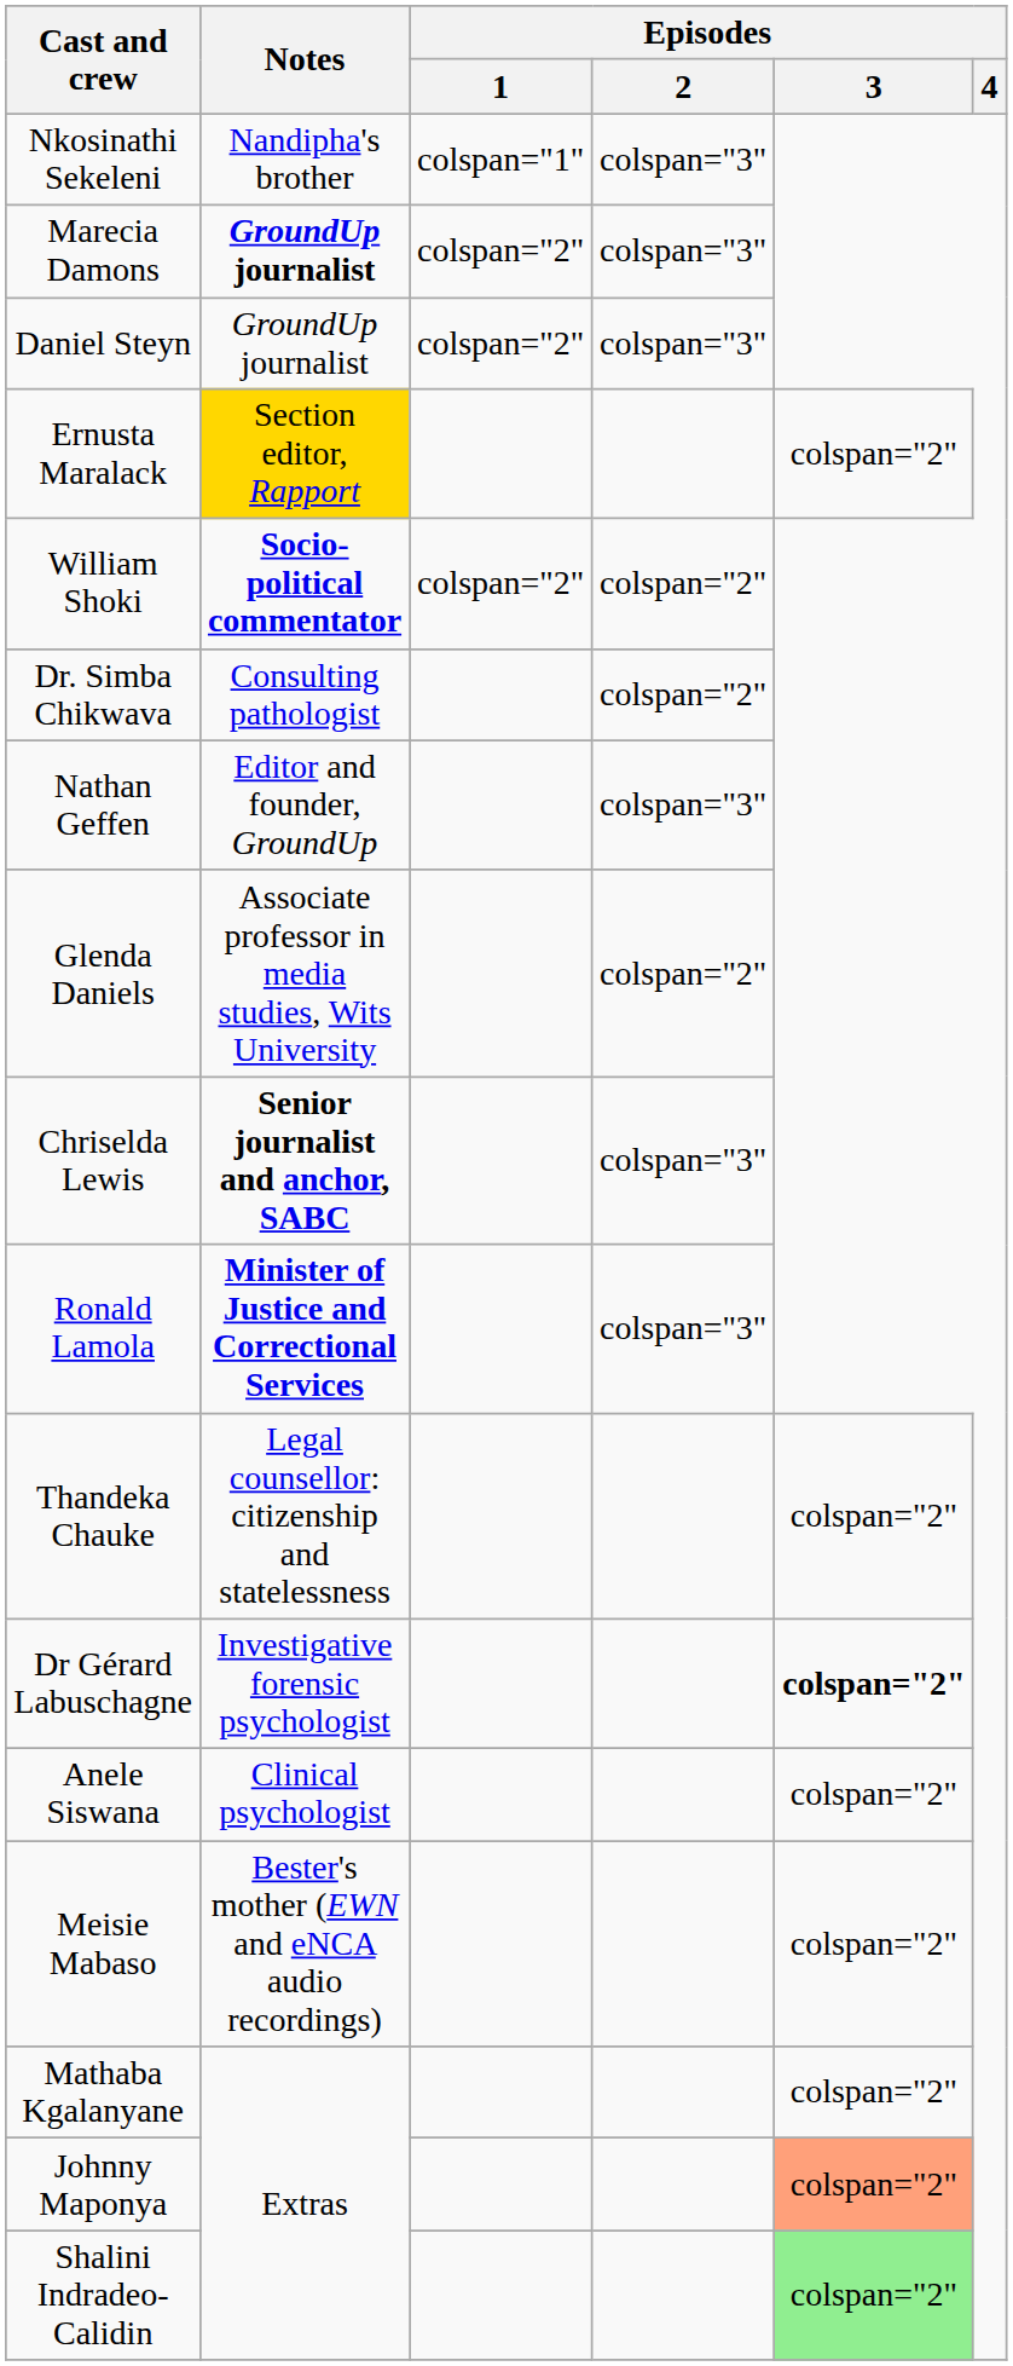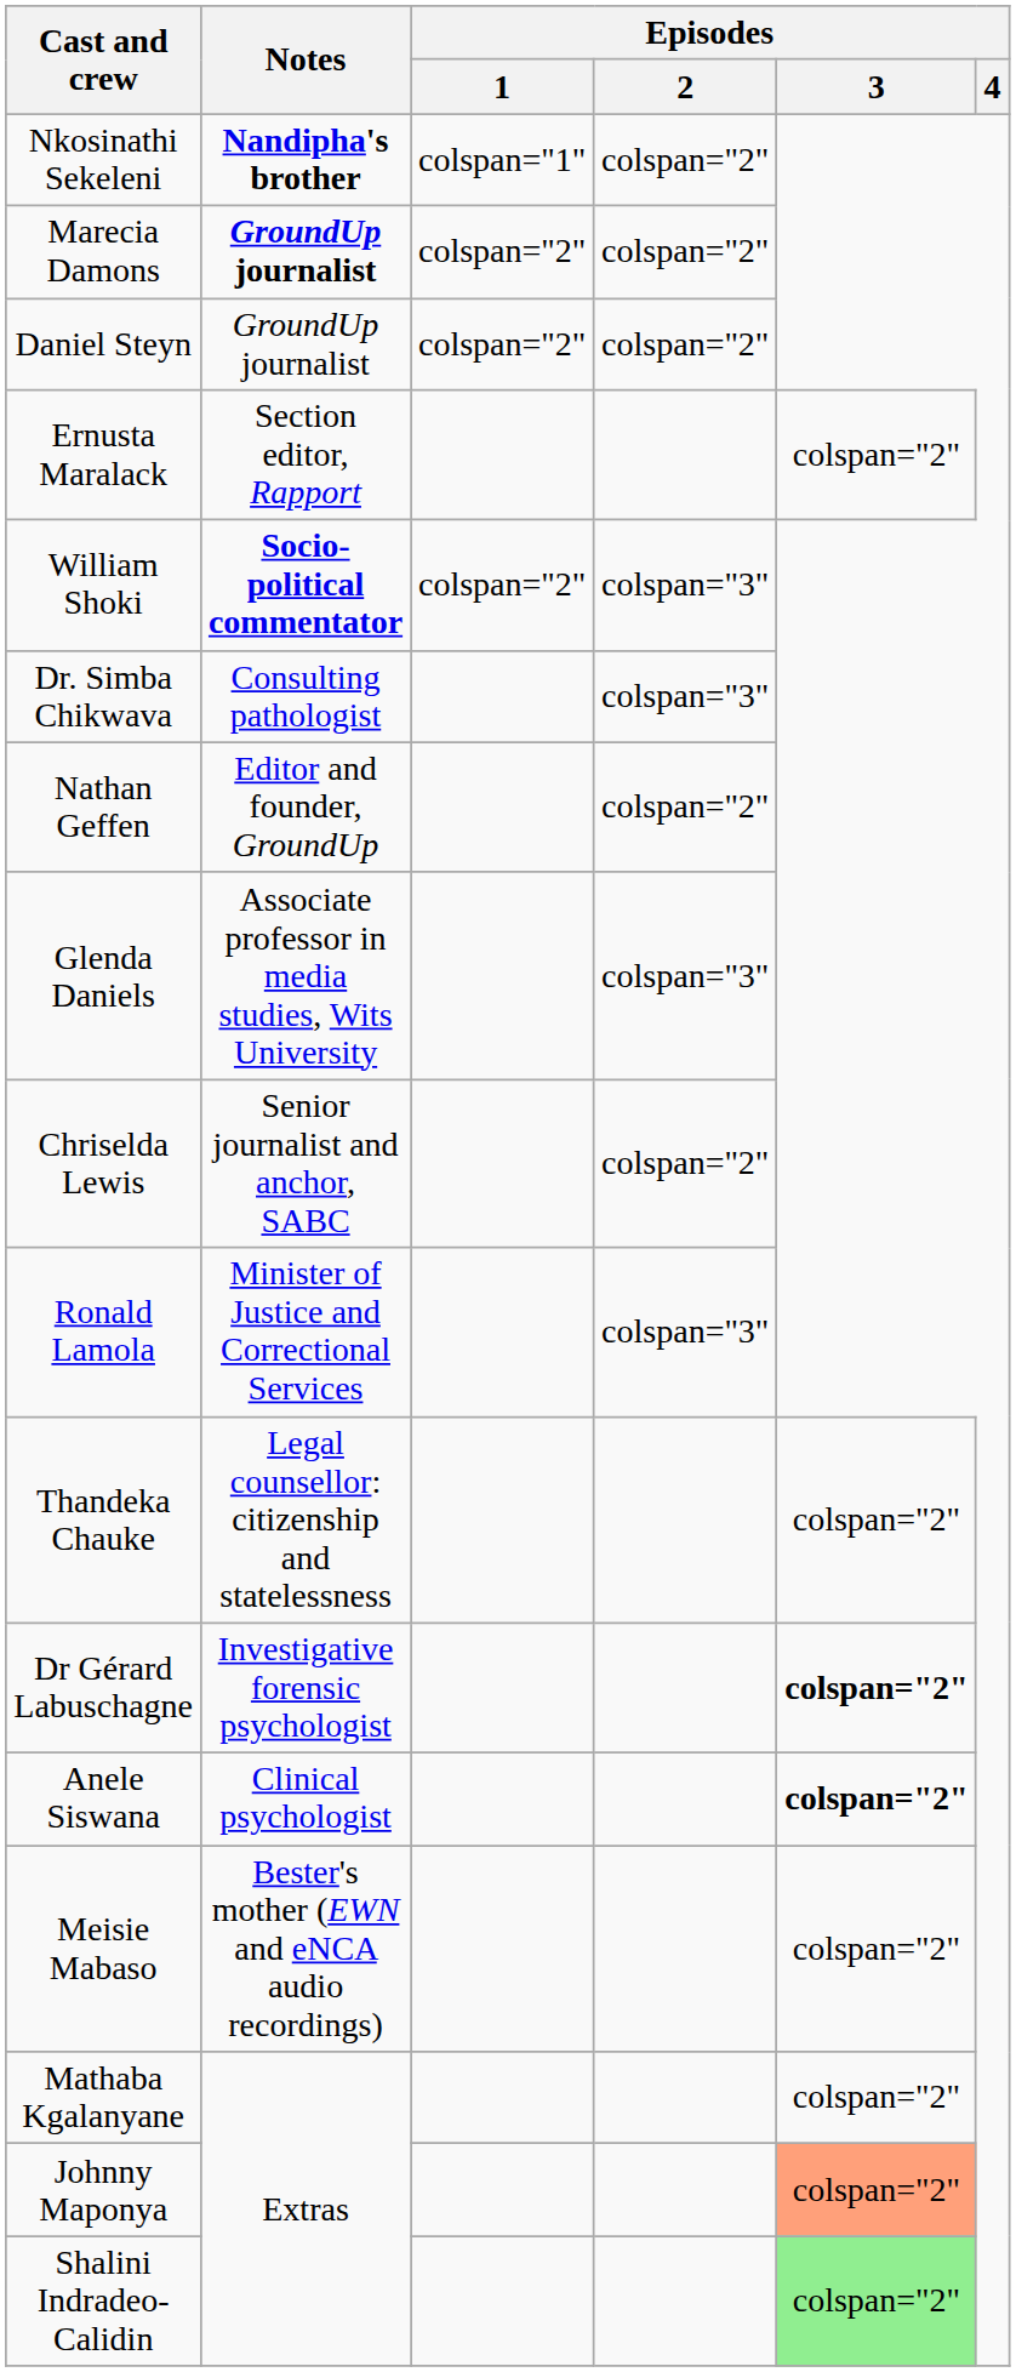 <table class="wikitable plainrowheaders" style="text-align:center; font-size:100%; width:70%">
 <tr>
 <th style="width:15%;" rowspan="2">Cast and crew</th>
 <th style="width:20%;" rowspan="2">Notes</th>
 <th colspan="4">Episodes</th>
 </tr>
 <tr>
 <th style="width:10%;">1</th>
 <th style="width:10%;">2</th>
 <th style="width:10%;">3</th>
 <th style="width:10%;">4</th>
 </tr>
 <tr>
 <td>Nkosinathi Sekeleni</td>
-<td><a href='#'>Nandipha</a>'s brother</td>
+<td><strong><a href='#'>Nandipha</a>'s brother</strong></td>
 <td>colspan="1" </td>
-<td>colspan="3" </td>
+<td>colspan="2" </td>
 </tr>
 <tr>
 <td>Marecia Damons</td>
 <td><strong><em><a href='#'>GroundUp</a></em> journalist</strong></td>
 <td>colspan="2" </td>
-<td>colspan="3" </td>
+<td>colspan="2" </td>
 </tr>
 <tr>
 <td>Daniel Steyn</td>
 <td><em>GroundUp</em> journalist</td>
 <td>colspan="2" </td>
-<td>colspan="3" </td>
+<td>colspan="2" </td>
 </tr>
 <tr>
 <td>Ernusta Maralack</td>
-<td style="background: gold;">Section editor, <em><a href='#'>Rapport</a></em></td>
+<td>Section editor, <em><a href='#'>Rapport</a></em></td>
 <td></td>
 <td></td>
 <td>colspan="2" </td>
 </tr>
 <tr>
 <td>William Shoki</td>
 <td><strong><a href='#'>Socio-political commentator</a></strong></td>
 <td>colspan="2" </td>
-<td>colspan="2" </td>
+<td>colspan="3" </td>
 </tr>
 <tr>
 <td>Dr. Simba Chikwava</td>
 <td><a href='#'>Consulting pathologist</a></td>
 <td></td>
-<td>colspan="2" </td>
+<td>colspan="3" </td>
 </tr>
 <tr>
 <td>Nathan Geffen</td>
 <td><a href='#'>Editor</a> and founder, <em>GroundUp</em></td>
 <td></td>
-<td>colspan="3" </td>
+<td>colspan="2" </td>
 </tr>
 <tr>
 <td>Glenda Daniels</td>
 <td>Associate professor in <a href='#'>media studies</a>, <a href='#'>Wits University</a></td>
 <td></td>
+<td>colspan="3" </td>
+</tr>
+<tr>
+<td>Chriselda Lewis</td>
+<td>Senior journalist and <a href='#'>anchor</a>, <a href='#'>SABC</a></td>
+<td></td>
 <td>colspan="2" </td>
 </tr>
 <tr>
-<td>Chriselda Lewis</td>
-<td><strong>Senior journalist and <a href='#'>anchor</a>, <a href='#'>SABC</a></strong></td>
-<td></td>
-<td>colspan="3" </td>
-</tr>
-<tr>
 <td><a href='#'>Ronald Lamola</a></td>
-<td><strong><a href='#'>Minister of Justice and Correctional Services</a></strong></td>
+<td><a href='#'>Minister of Justice and Correctional Services</a></td>
 <td></td>
 <td>colspan="3" </td>
 </tr>
 <tr>
 <td>Thandeka Chauke</td>
 <td><a href='#'>Legal counsellor</a>: citizenship and statelessness</td>
 <td></td>
 <td></td>
 <td>colspan="2" </td>
 </tr>
 <tr>
 <td>Dr Gérard Labuschagne</td>
 <td><a href='#'>Investigative forensic psychologist</a></td>
 <td></td>
 <td></td>
 <td><strong>colspan="2" </strong></td>
 </tr>
 <tr>
 <td>Anele Siswana</td>
 <td><a href='#'>Clinical psychologist</a></td>
 <td></td>
 <td></td>
-<td>colspan="2" </td>
+<td><strong>colspan="2" </strong></td>
 </tr>
 <tr>
 <td>Meisie Mabaso</td>
 <td><a href='#'>Bester</a>'s mother (<em><a href='#'>EWN</a></em> and <a href='#'>eNCA</a> audio recordings)</td>
 <td></td>
 <td></td>
 <td>colspan="2" </td>
 </tr>
 <tr>
 <td>Mathaba Kgalanyane</td>
 <td rowspan="3">Extras</td>
 <td></td>
 <td></td>
 <td>colspan="2" </td>
 </tr>
 <tr>
 <td>Johnny Maponya</td>
 <td></td>
 <td></td>
 <td style="background: lightsalmon;">colspan="2" </td>
 </tr>
 <tr>
 <td>Shalini Indradeo-Calidin</td>
 <td></td>
 <td></td>
 <td style="background: lightgreen;">colspan="2" </td>
 </tr>
 </table>
